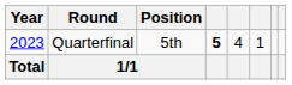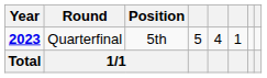 <table class="wikitable" style="text-align: center;">
 <tr>
 <th>Year</th>
 <th>Round</th>
 <th>Position</th>
 <th width="15"></th>
 <th width="15"></th>
 <th width="15"></th>
 <th></th>
 <th></th>
 </tr>
 <tr>
-<td> <a href='#'>2023</a></td>
+<td><strong> <a href='#'>2023</a></strong></td>
 <td>Quarterfinal</td>
 <td>5th</td>
-<td><strong>5</strong></td>
+<td>5</td>
 <td>4</td>
 <td>1</td>
 <td></td>
 </tr>
 <tr>
 <th>Total</th>
 <th colspan="2">1/1</th>
 <th></th>
 <th></th>
 <th></th>
 <th></th>
 <th></th>
 </tr>
 </table>
